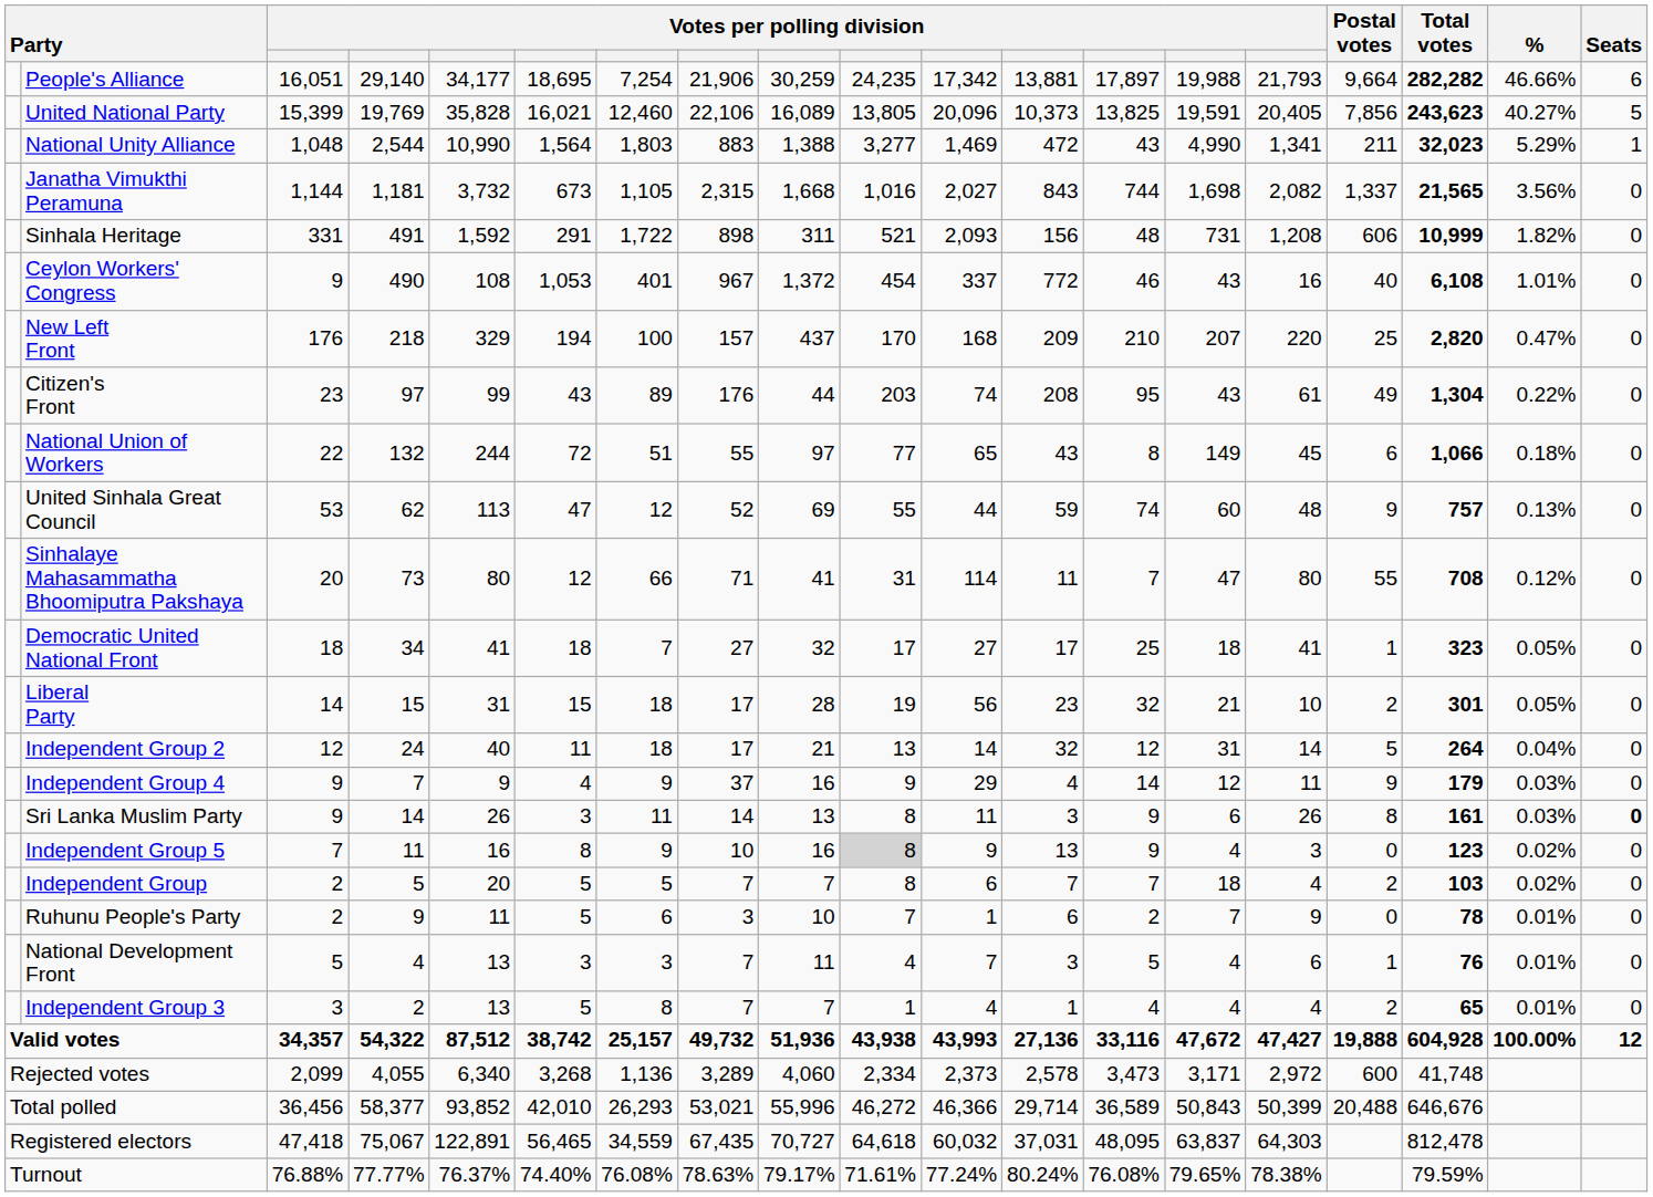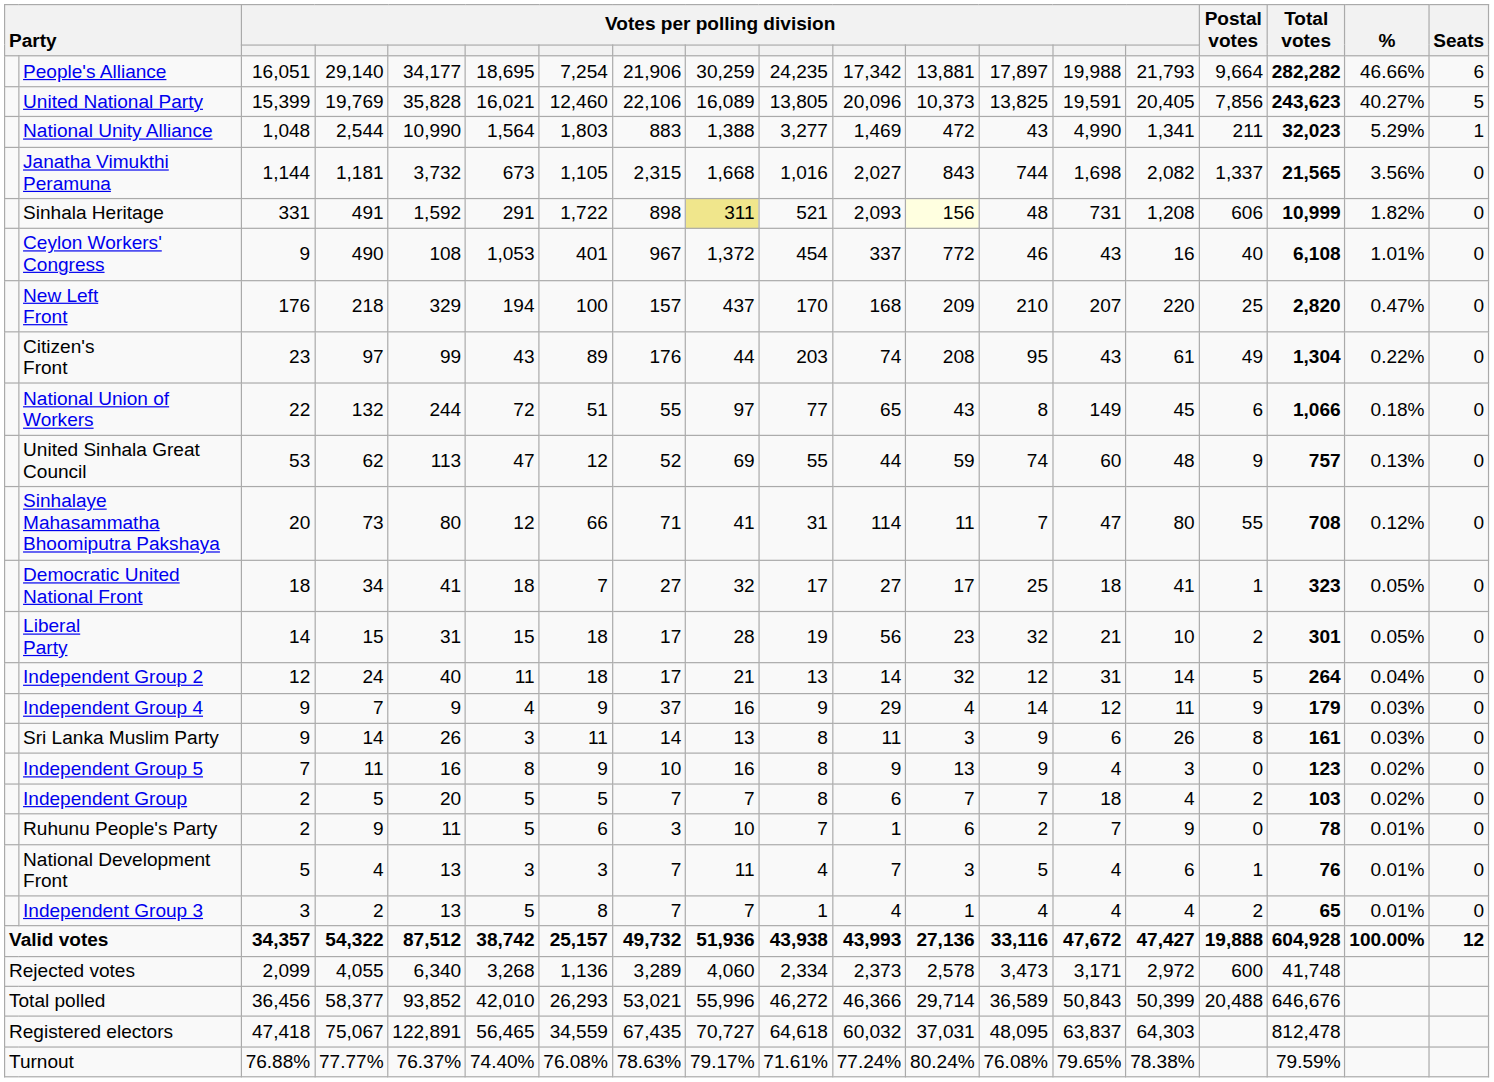 <table class="wikitable" border="1" style="text-align:right;">
 <tr>
 <th style="text-align:left; vertical-align:bottom;" rowspan="2" colspan="2">Party</th>
 <th colspan=13>Votes per polling division</th>
 <th rowspan="2" style="vertical-align:bottom; text-align:center; width:50px;">Postal<br>votes</th>
 <th rowspan="2" style="vertical-align:bottom; text-align:center; width:50px;">Total votes</th>
 <th rowspan="2" style="vertical-align:bottom; text-align:center; width:50px;">%</th>
 <th rowspan="2" style="vertical-align:bottom; text-align:center; width:40px;">Seats</th>
 </tr>
 <tr>
 <th></th>
 <th></th>
 <th></th>
 <th></th>
 <th></th>
 <th></th>
 <th></th>
 <th></th>
 <th></th>
 <th></th>
 <th></th>
 <th></th>
 <th></th>
 </tr>
 <tr>
 <td bgcolor=> </td>
 <td align=left><a href='#'>People's Alliance</a></td>
 <td>16,051</td>
 <td>29,140</td>
 <td>34,177</td>
 <td>18,695</td>
 <td>7,254</td>
 <td>21,906</td>
 <td>30,259</td>
 <td>24,235</td>
 <td>17,342</td>
 <td>13,881</td>
 <td>17,897</td>
 <td>19,988</td>
 <td>21,793</td>
 <td>9,664</td>
 <td><strong>282,282</strong></td>
 <td>46.66%</td>
 <td>6</td>
 </tr>
 <tr>
 <td bgcolor=> </td>
 <td align=left><a href='#'>United National Party</a></td>
 <td>15,399</td>
 <td>19,769</td>
 <td>35,828</td>
 <td>16,021</td>
 <td>12,460</td>
 <td>22,106</td>
 <td>16,089</td>
 <td>13,805</td>
 <td>20,096</td>
 <td>10,373</td>
 <td>13,825</td>
 <td>19,591</td>
 <td>20,405</td>
 <td>7,856</td>
 <td><strong>243,623</strong></td>
 <td>40.27%</td>
 <td>5</td>
 </tr>
 <tr>
 <td bgcolor=> </td>
 <td align=left><a href='#'>National Unity Alliance</a></td>
 <td>1,048</td>
 <td>2,544</td>
 <td>10,990</td>
 <td>1,564</td>
 <td>1,803</td>
 <td>883</td>
 <td>1,388</td>
 <td>3,277</td>
 <td>1,469</td>
 <td>472</td>
 <td>43</td>
 <td>4,990</td>
 <td>1,341</td>
 <td>211</td>
 <td><strong>32,023</strong></td>
 <td>5.29%</td>
 <td>1</td>
 </tr>
 <tr>
 <td bgcolor=> </td>
 <td align=left><a href='#'>Janatha Vimukthi Peramuna</a></td>
 <td>1,144</td>
 <td>1,181</td>
 <td>3,732</td>
 <td>673</td>
 <td>1,105</td>
 <td>2,315</td>
 <td>1,668</td>
 <td>1,016</td>
 <td>2,027</td>
 <td>843</td>
 <td>744</td>
 <td>1,698</td>
 <td>2,082</td>
 <td>1,337</td>
 <td><strong>21,565</strong></td>
 <td>3.56%</td>
 <td>0</td>
 </tr>
 <tr>
 <td bgcolor=> </td>
 <td align=left>Sinhala Heritage</td>
 <td>331</td>
 <td>491</td>
 <td>1,592</td>
 <td>291</td>
 <td>1,722</td>
 <td>898</td>
-<td>311</td>
+<td style="background: khaki;">311</td>
 <td>521</td>
 <td>2,093</td>
-<td>156</td>
+<td style="background: lightyellow;">156</td>
 <td>48</td>
 <td>731</td>
 <td>1,208</td>
 <td>606</td>
 <td><strong>10,999</strong></td>
 <td>1.82%</td>
 <td>0</td>
 </tr>
 <tr>
 <td bgcolor=> </td>
 <td align=left><a href='#'>Ceylon Workers' Congress</a></td>
 <td>9</td>
 <td>490</td>
 <td>108</td>
 <td>1,053</td>
 <td>401</td>
 <td>967</td>
 <td>1,372</td>
 <td>454</td>
 <td>337</td>
 <td>772</td>
 <td>46</td>
 <td>43</td>
 <td>16</td>
 <td>40</td>
 <td><strong>6,108</strong></td>
 <td>1.01%</td>
 <td>0</td>
 </tr>
 <tr>
 <td bgcolor=> </td>
 <td align=left><a href='#'>New Left<br>Front</a></td>
 <td>176</td>
 <td>218</td>
 <td>329</td>
 <td>194</td>
 <td>100</td>
 <td>157</td>
 <td>437</td>
 <td>170</td>
 <td>168</td>
 <td>209</td>
 <td>210</td>
 <td>207</td>
 <td>220</td>
 <td>25</td>
 <td><strong>2,820</strong></td>
 <td>0.47%</td>
 <td>0</td>
 </tr>
 <tr>
 <td bgcolor=> </td>
 <td align=left>Citizen's<br>Front</td>
 <td>23</td>
 <td>97</td>
 <td>99</td>
 <td>43</td>
 <td>89</td>
 <td>176</td>
 <td>44</td>
 <td>203</td>
 <td>74</td>
 <td>208</td>
 <td>95</td>
 <td>43</td>
 <td>61</td>
 <td>49</td>
 <td><strong>1,304</strong></td>
 <td>0.22%</td>
 <td>0</td>
 </tr>
 <tr>
 <td bgcolor=> </td>
 <td align=left><a href='#'>National Union of Workers</a></td>
 <td>22</td>
 <td>132</td>
 <td>244</td>
 <td>72</td>
 <td>51</td>
 <td>55</td>
 <td>97</td>
 <td>77</td>
 <td>65</td>
 <td>43</td>
 <td>8</td>
 <td>149</td>
 <td>45</td>
 <td>6</td>
 <td><strong>1,066</strong></td>
 <td>0.18%</td>
 <td>0</td>
 </tr>
 <tr>
 <td bgcolor=> </td>
 <td align=left>United Sinhala Great Council</td>
 <td>53</td>
 <td>62</td>
 <td>113</td>
 <td>47</td>
 <td>12</td>
 <td>52</td>
 <td>69</td>
 <td>55</td>
 <td>44</td>
 <td>59</td>
 <td>74</td>
 <td>60</td>
 <td>48</td>
 <td>9</td>
 <td><strong>757</strong></td>
 <td>0.13%</td>
 <td>0</td>
 </tr>
 <tr>
 <td bgcolor=> </td>
 <td align=left><a href='#'>Sinhalaye Mahasammatha Bhoomiputra Pakshaya</a></td>
 <td>20</td>
 <td>73</td>
 <td>80</td>
 <td>12</td>
 <td>66</td>
 <td>71</td>
 <td>41</td>
 <td>31</td>
 <td>114</td>
 <td>11</td>
 <td>7</td>
 <td>47</td>
 <td>80</td>
 <td>55</td>
 <td><strong>708</strong></td>
 <td>0.12%</td>
 <td>0</td>
 </tr>
 <tr>
 <td bgcolor=> </td>
 <td align=left><a href='#'>Democratic United National Front</a></td>
 <td>18</td>
 <td>34</td>
 <td>41</td>
 <td>18</td>
 <td>7</td>
 <td>27</td>
 <td>32</td>
 <td>17</td>
 <td>27</td>
 <td>17</td>
 <td>25</td>
 <td>18</td>
 <td>41</td>
 <td>1</td>
 <td><strong>323</strong></td>
 <td>0.05%</td>
 <td>0</td>
 </tr>
 <tr>
 <td bgcolor=> </td>
 <td align=left><a href='#'>Liberal<br>Party</a></td>
 <td>14</td>
 <td>15</td>
 <td>31</td>
 <td>15</td>
 <td>18</td>
 <td>17</td>
 <td>28</td>
 <td>19</td>
 <td>56</td>
 <td>23</td>
 <td>32</td>
 <td>21</td>
 <td>10</td>
 <td>2</td>
 <td><strong>301</strong></td>
 <td>0.05%</td>
 <td>0</td>
 </tr>
 <tr>
 <td bgcolor=> </td>
 <td align=left><a href='#'>Independent Group 2</a></td>
 <td>12</td>
 <td>24</td>
 <td>40</td>
 <td>11</td>
 <td>18</td>
 <td>17</td>
 <td>21</td>
 <td>13</td>
 <td>14</td>
 <td>32</td>
 <td>12</td>
 <td>31</td>
 <td>14</td>
 <td>5</td>
 <td><strong>264</strong></td>
 <td>0.04%</td>
 <td>0</td>
 </tr>
 <tr>
 <td bgcolor=> </td>
 <td align=left><a href='#'>Independent Group 4</a></td>
 <td>9</td>
 <td>7</td>
 <td>9</td>
 <td>4</td>
 <td>9</td>
 <td>37</td>
 <td>16</td>
 <td>9</td>
 <td>29</td>
 <td>4</td>
 <td>14</td>
 <td>12</td>
 <td>11</td>
 <td>9</td>
 <td><strong>179</strong></td>
 <td>0.03%</td>
 <td>0</td>
 </tr>
 <tr>
 <td bgcolor=> </td>
 <td align=left>Sri Lanka Muslim Party</td>
 <td>9</td>
 <td>14</td>
 <td>26</td>
 <td>3</td>
 <td>11</td>
 <td>14</td>
 <td>13</td>
 <td>8</td>
 <td>11</td>
 <td>3</td>
 <td>9</td>
 <td>6</td>
 <td>26</td>
 <td>8</td>
 <td><strong>161</strong></td>
 <td>0.03%</td>
-<td><strong>0</strong></td>
+<td>0</td>
 </tr>
 <tr>
 <td bgcolor=> </td>
 <td align=left><a href='#'>Independent Group 5</a></td>
 <td>7</td>
 <td>11</td>
 <td>16</td>
 <td>8</td>
 <td>9</td>
 <td>10</td>
 <td>16</td>
-<td style="background: lightgrey;">8</td>
+<td>8</td>
 <td>9</td>
 <td>13</td>
 <td>9</td>
 <td>4</td>
 <td>3</td>
 <td>0</td>
 <td><strong>123</strong></td>
 <td>0.02%</td>
 <td>0</td>
 </tr>
 <tr>
 <td bgcolor=> </td>
 <td align=left><a href='#'>Independent Group</a></td>
 <td>2</td>
 <td>5</td>
 <td>20</td>
 <td>5</td>
 <td>5</td>
 <td>7</td>
 <td>7</td>
 <td>8</td>
 <td>6</td>
 <td>7</td>
 <td>7</td>
 <td>18</td>
 <td>4</td>
 <td>2</td>
 <td><strong>103</strong></td>
 <td>0.02%</td>
 <td>0</td>
 </tr>
 <tr>
 <td bgcolor=> </td>
 <td align=left>Ruhunu People's Party</td>
 <td>2</td>
 <td>9</td>
 <td>11</td>
 <td>5</td>
 <td>6</td>
 <td>3</td>
 <td>10</td>
 <td>7</td>
 <td>1</td>
 <td>6</td>
 <td>2</td>
 <td>7</td>
 <td>9</td>
 <td>0</td>
 <td><strong>78</strong></td>
 <td>0.01%</td>
 <td>0</td>
 </tr>
 <tr>
 <td bgcolor=> </td>
 <td align=left>National Development Front</td>
 <td>5</td>
 <td>4</td>
 <td>13</td>
 <td>3</td>
 <td>3</td>
 <td>7</td>
 <td>11</td>
 <td>4</td>
 <td>7</td>
 <td>3</td>
 <td>5</td>
 <td>4</td>
 <td>6</td>
 <td>1</td>
 <td><strong>76</strong></td>
 <td>0.01%</td>
 <td>0</td>
 </tr>
 <tr>
 <td bgcolor=> </td>
 <td align=left><a href='#'>Independent Group 3</a></td>
 <td>3</td>
 <td>2</td>
 <td>13</td>
 <td>5</td>
 <td>8</td>
 <td>7</td>
 <td>7</td>
 <td>1</td>
 <td>4</td>
 <td>1</td>
 <td>4</td>
 <td>4</td>
 <td>4</td>
 <td>2</td>
 <td><strong>65</strong></td>
 <td>0.01%</td>
 <td>0</td>
 </tr>
 <tr>
 <td align=left colspan="2"><strong>Valid votes</strong></td>
 <td><strong>34,357</strong></td>
 <td><strong>54,322</strong></td>
 <td><strong>87,512</strong></td>
 <td><strong>38,742</strong></td>
 <td><strong>25,157</strong></td>
 <td><strong>49,732</strong></td>
 <td><strong>51,936</strong></td>
 <td><strong>43,938</strong></td>
 <td><strong>43,993</strong></td>
 <td><strong>27,136</strong></td>
 <td><strong>33,116</strong></td>
 <td><strong>47,672</strong></td>
 <td><strong>47,427</strong></td>
 <td><strong>19,888</strong></td>
 <td><strong>604,928</strong></td>
 <td><strong>100.00%</strong></td>
 <td><strong>12</strong></td>
 </tr>
 <tr>
 <td align=left colspan="2">Rejected votes</td>
 <td>2,099</td>
 <td>4,055</td>
 <td>6,340</td>
 <td>3,268</td>
 <td>1,136</td>
 <td>3,289</td>
 <td>4,060</td>
 <td>2,334</td>
 <td>2,373</td>
 <td>2,578</td>
 <td>3,473</td>
 <td>3,171</td>
 <td>2,972</td>
 <td>600</td>
 <td>41,748</td>
 <td></td>
 <td></td>
 </tr>
 <tr>
 <td align=left colspan="2">Total polled</td>
 <td>36,456</td>
 <td>58,377</td>
 <td>93,852</td>
 <td>42,010</td>
 <td>26,293</td>
 <td>53,021</td>
 <td>55,996</td>
 <td>46,272</td>
 <td>46,366</td>
 <td>29,714</td>
 <td>36,589</td>
 <td>50,843</td>
 <td>50,399</td>
 <td>20,488</td>
 <td>646,676</td>
 <td></td>
 <td></td>
 </tr>
 <tr>
 <td align=left colspan="2">Registered electors</td>
 <td>47,418</td>
 <td>75,067</td>
 <td>122,891</td>
 <td>56,465</td>
 <td>34,559</td>
 <td>67,435</td>
 <td>70,727</td>
 <td>64,618</td>
 <td>60,032</td>
 <td>37,031</td>
 <td>48,095</td>
 <td>63,837</td>
 <td>64,303</td>
 <td></td>
 <td>812,478</td>
 <td></td>
 <td></td>
 </tr>
 <tr>
 <td align=left colspan="2">Turnout</td>
 <td>76.88%</td>
 <td>77.77%</td>
 <td>76.37%</td>
 <td>74.40%</td>
 <td>76.08%</td>
 <td>78.63%</td>
 <td>79.17%</td>
 <td>71.61%</td>
 <td>77.24%</td>
 <td>80.24%</td>
 <td>76.08%</td>
 <td>79.65%</td>
 <td>78.38%</td>
 <td></td>
 <td>79.59%</td>
 <td></td>
 <td></td>
 </tr>
 </table>
